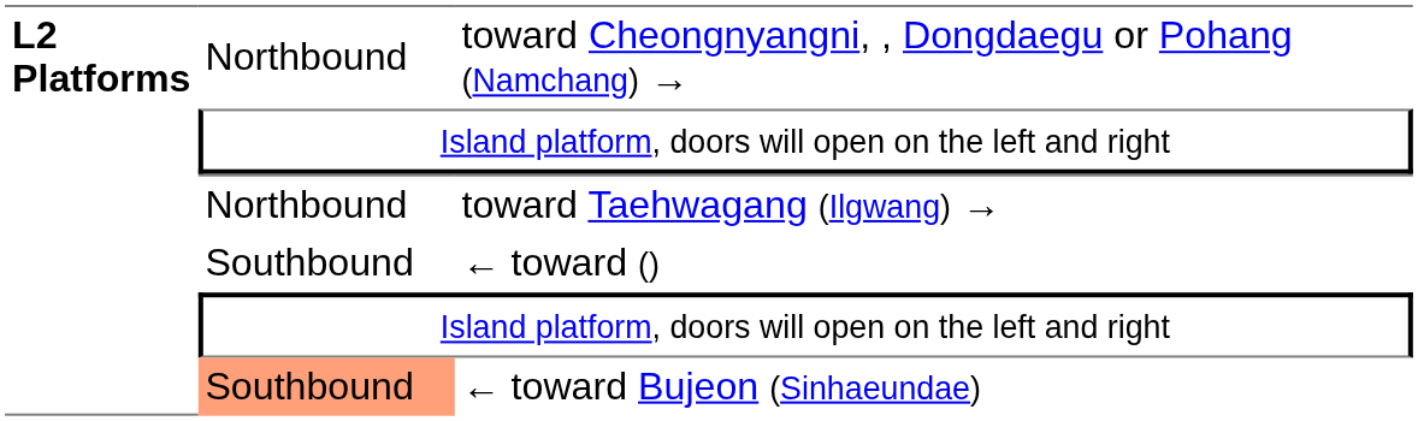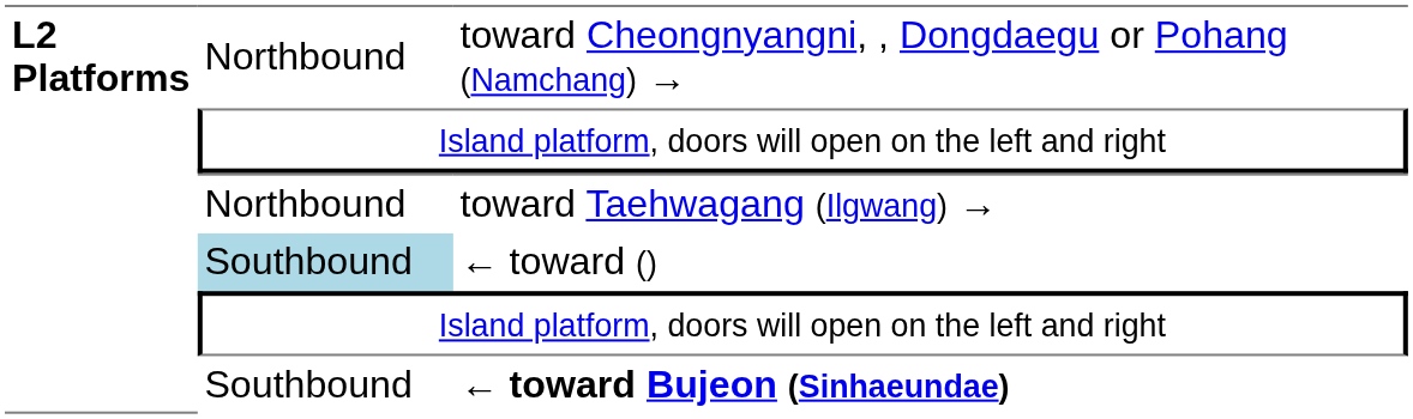 <table table border=0 cellspacing=0 cellpadding=3>
 <tr>
 <td style="border-top:solid 1px gray;border-bottom:solid 1px gray;" width=50 rowspan=10 valign=top><strong>L2<br>Platforms</strong></td>
 <td style="border-bottom:solid 0px gray;border-top:solid 1px gray;" width=100>Northbound</td>
 <td style="border-bottom:solid 0px gray;border-top:solid 1px gray;" width=390>  toward <a href='#'>Cheongnyangni</a>, , <a href='#'>Dongdaegu</a> or <a href='#'>Pohang</a> <small>(<a href='#'>Namchang</a>)</small> →</td>
 </tr>
 <tr>
 <td style="border-top:solid 1px gray;border-right:solid 2px black;border-left:solid 2px black;border-bottom:solid 2px black;text-align:center;" colspan=2><small><a href='#'>Island platform</a>, doors will open on the left and right</small></td>
 </tr>
 <tr>
 <td style="border-bottom:solid 0px gray;border-top:solid 1px gray;" width=100>Northbound</td>
 <td style="border-bottom:solid 0px gray;border-top:solid 1px gray;" width=390>  toward <a href='#'>Taehwagang</a> <small>(<a href='#'>Ilgwang</a>)</small> →</td>
 </tr>
 <tr>
-<td>Southbound</td>
+<td style="background: lightblue;">Southbound</td>
 <td>←  toward  <small>()</small></td>
 </tr>
 <tr>
 <td style="border-top:solid 2px black;border-right:solid 2px black;border-left:solid 2px black;border-bottom:solid 1px gray;text-align:center;" colspan=2><small><a href='#'>Island platform</a>, doors will open on the left and right</small></td>
 </tr>
 <tr>
-<td style="background: lightsalmon;">Southbound</td>
-<td>←  toward <a href='#'>Bujeon</a> <small>(<a href='#'>Sinhaeundae</a>)</small></td>
+<td>Southbound</td>
+<td><strong>←  toward <a href='#'>Bujeon</a> <small>(<a href='#'>Sinhaeundae</a>)</small></strong></td>
 </tr>
 </table>
